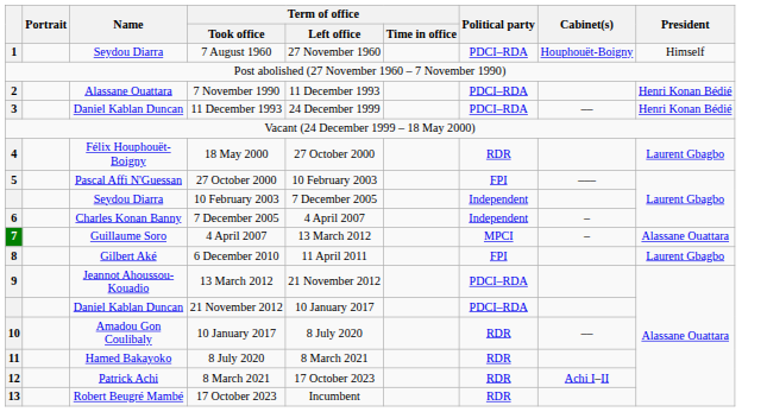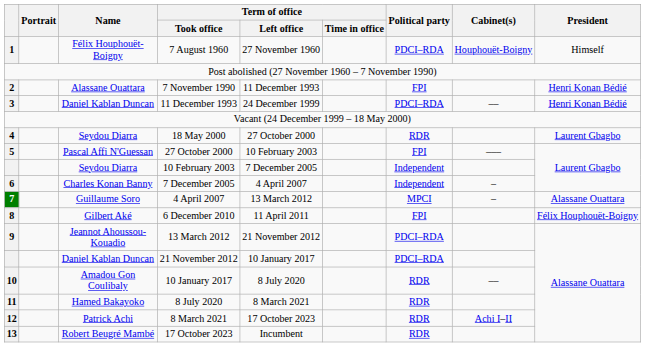 <table class="wikitable" style="text-align:center">
 <tr>
 <th rowspan="2"></th>
 <th rowspan="2">Portrait</th>
 <th rowspan="2" width="150">Name<br></th>
 <th colspan="3">Term of office</th>
 <th rowspan="2">Political party<br></th>
 <th rowspan="2">Cabinet(s)</th>
 <th rowspan="2">President</th>
 </tr>
 <tr>
 <th>Took office</th>
 <th>Left office</th>
 <th>Time in office</th>
 </tr>
 <tr>
 <th style="background-color:">1</th>
 <td></td>
-<td><a href='#'>Seydou Diarra</a><br></td>
+<td><a href='#'>Félix Houphouët-Boigny</a><br></td>
 <td>7 August 1960</td>
 <td>27 November 1960</td>
 <td></td>
 <td><a href='#'>PDCI–RDA</a></td>
 <td><a href='#'>Houphouët-Boigny</a></td>
 <td>Himself</td>
 </tr>
 <tr>
 <td colspan="9">Post abolished (27 November 1960 – 7 November 1990)</td>
 </tr>
 <tr>
 <th style="background:">2</th>
 <td></td>
 <td><a href='#'>Alassane Ouattara</a><br></td>
 <td>7 November 1990</td>
 <td>11 December 1993</td>
 <td></td>
-<td><a href='#'>PDCI–RDA</a></td>
+<td><a href='#'>FPI</a></td>
 <td></td>
 <td><a href='#'>Henri Konan Bédié</a></td>
 </tr>
 <tr>
 <th style="background-color:">3</th>
 <td></td>
 <td><a href='#'>Daniel Kablan Duncan</a><br></td>
 <td>11 December 1993</td>
 <td>24 December 1999<br></td>
 <td></td>
 <td><a href='#'>PDCI–RDA</a></td>
 <td>––</td>
 <td><a href='#'>Henri Konan Bédié</a></td>
 </tr>
 <tr>
 <td colspan="9">Vacant (24 December 1999 – 18 May 2000)</td>
 </tr>
 <tr>
 <th style="background:">4</th>
 <td></td>
-<td><a href='#'>Félix Houphouët-Boigny</a><br></td>
+<td><a href='#'>Seydou Diarra</a><br></td>
 <td>18 May 2000</td>
 <td>27 October 2000</td>
 <td></td>
 <td><a href='#'>RDR</a><br></td>
 <td></td>
 <td><a href='#'>Laurent Gbagbo</a></td>
 </tr>
 <tr>
 <th style="background:">5</th>
 <td></td>
 <td><a href='#'>Pascal Affi N'Guessan</a><br></td>
 <td>27 October 2000</td>
 <td>10 February 2003</td>
 <td></td>
 <td><a href='#'>FPI</a></td>
 <td>–––</td>
 <td rowspan="3"><a href='#'>Laurent Gbagbo</a></td>
 </tr>
 <tr>
 <th style="background:"></th>
 <td></td>
 <td><a href='#'>Seydou Diarra</a><br></td>
 <td>10 February 2003</td>
 <td>7 December 2005</td>
 <td></td>
 <td><a href='#'>Independent</a></td>
 <td></td>
 </tr>
 <tr>
 <th style="background:">6</th>
 <td></td>
 <td><a href='#'>Charles Konan Banny</a><br></td>
 <td>7 December 2005</td>
 <td>4 April 2007</td>
 <td></td>
 <td><a href='#'>Independent</a></td>
 <td>–</td>
 </tr>
 <tr>
 <th style="background:Green; color:white;">7</th>
 <td></td>
 <td><a href='#'>Guillaume Soro</a><br></td>
 <td>4 April 2007</td>
 <td>13 March 2012</td>
 <td></td>
 <td><a href='#'>MPCI</a><br></td>
 <td>–</td>
 <td><a href='#'>Alassane Ouattara</a></td>
 </tr>
 <tr>
 <th style="background:">8</th>
 <td></td>
 <td><a href='#'>Gilbert Aké</a><br></td>
 <td>6 December 2010</td>
 <td>11 April 2011<br></td>
 <td></td>
 <td><a href='#'>FPI</a></td>
 <td></td>
-<td><a href='#'>Laurent Gbagbo</a></td>
+<td><a href='#'>Félix Houphouët-Boigny</a></td>
 </tr>
 <tr>
 <th style="background-color:">9</th>
 <td></td>
 <td><a href='#'>Jeannot Ahoussou-Kouadio</a><br></td>
 <td>13 March 2012</td>
 <td>21 November 2012</td>
 <td></td>
 <td><a href='#'>PDCI–RDA</a></td>
 <td></td>
 <td rowspan="6"><a href='#'>Alassane Ouattara</a></td>
 </tr>
 <tr>
 <th style="background-color:"></th>
 <td></td>
 <td><a href='#'>Daniel Kablan Duncan</a><br></td>
 <td>21 November 2012</td>
 <td>10 January 2017</td>
 <td></td>
 <td><a href='#'>PDCI–RDA</a></td>
 <td></td>
 </tr>
 <tr>
 <th style="background:">10</th>
 <td></td>
 <td><a href='#'>Amadou Gon Coulibaly</a><br></td>
 <td>10 January 2017</td>
 <td>8 July 2020</td>
 <td></td>
 <td><a href='#'>RDR</a><br></td>
 <td>––</td>
 </tr>
 <tr>
 <th style="background:">11</th>
 <td></td>
 <td><a href='#'>Hamed Bakayoko</a><br></td>
 <td>8 July 2020</td>
 <td>8 March 2021</td>
 <td></td>
 <td><a href='#'>RDR</a><br></td>
 <td></td>
 </tr>
 <tr>
 <th style="background:">12</th>
 <td></td>
 <td><a href='#'>Patrick Achi</a><br></td>
 <td>8 March 2021</td>
 <td>17 October 2023</td>
 <td></td>
 <td><a href='#'>RDR</a><br></td>
 <td><a href='#'>Achi I</a>–<a href='#'>II</a></td>
 </tr>
 <tr>
 <th style="background:">13</th>
 <td></td>
 <td><a href='#'>Robert Beugré Mambé</a><br></td>
 <td>17 October 2023</td>
 <td>Incumbent</td>
 <td></td>
 <td><a href='#'>RDR</a><br></td>
 <td></td>
 </tr>
 </table>
